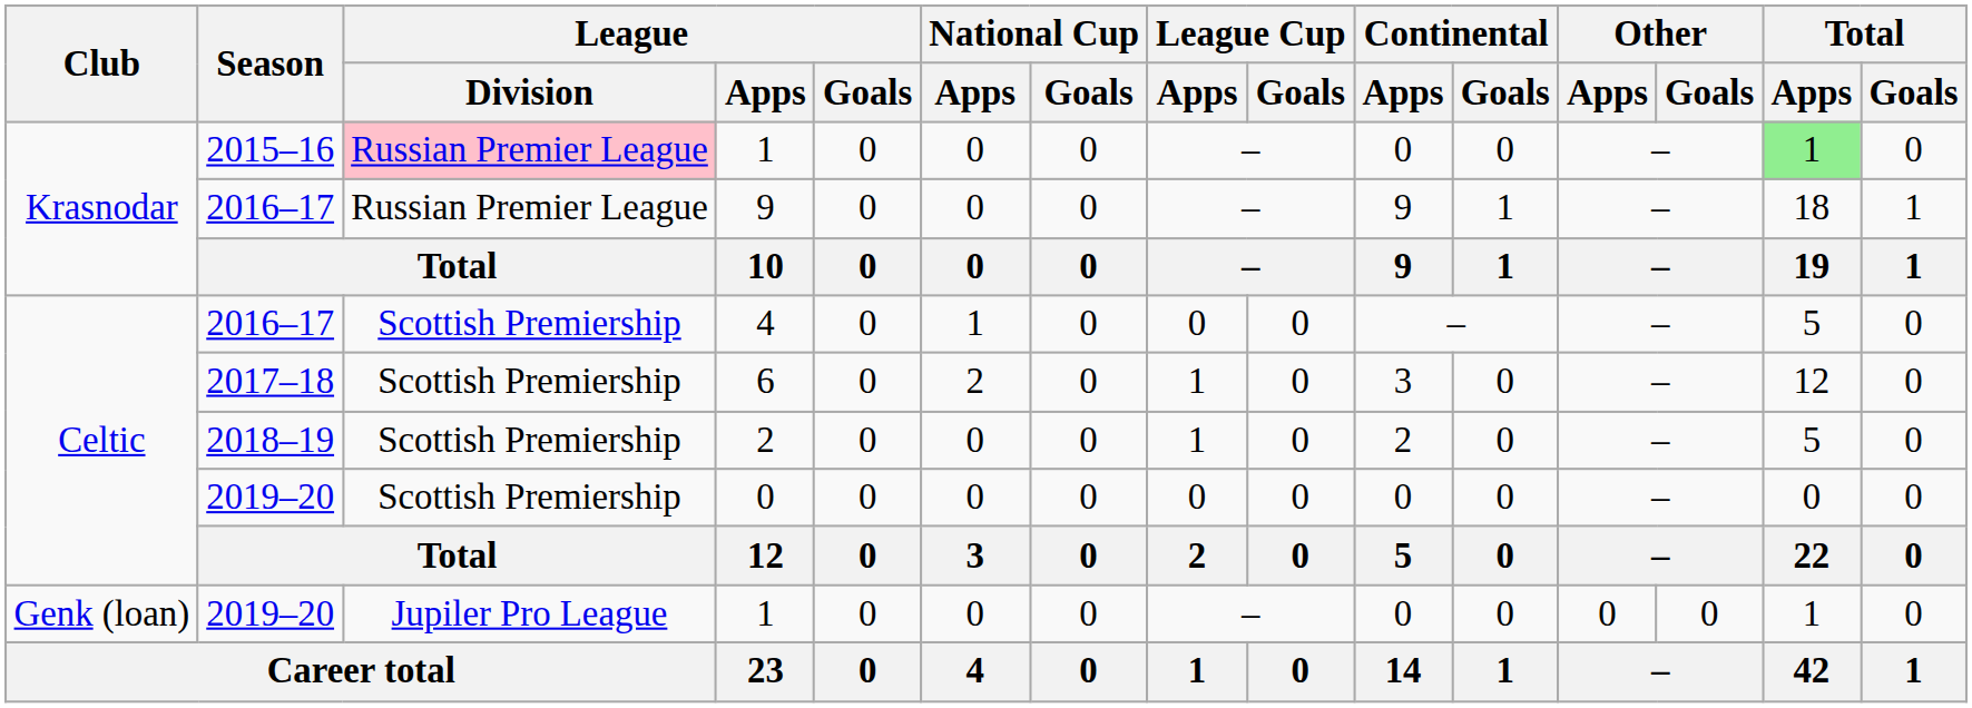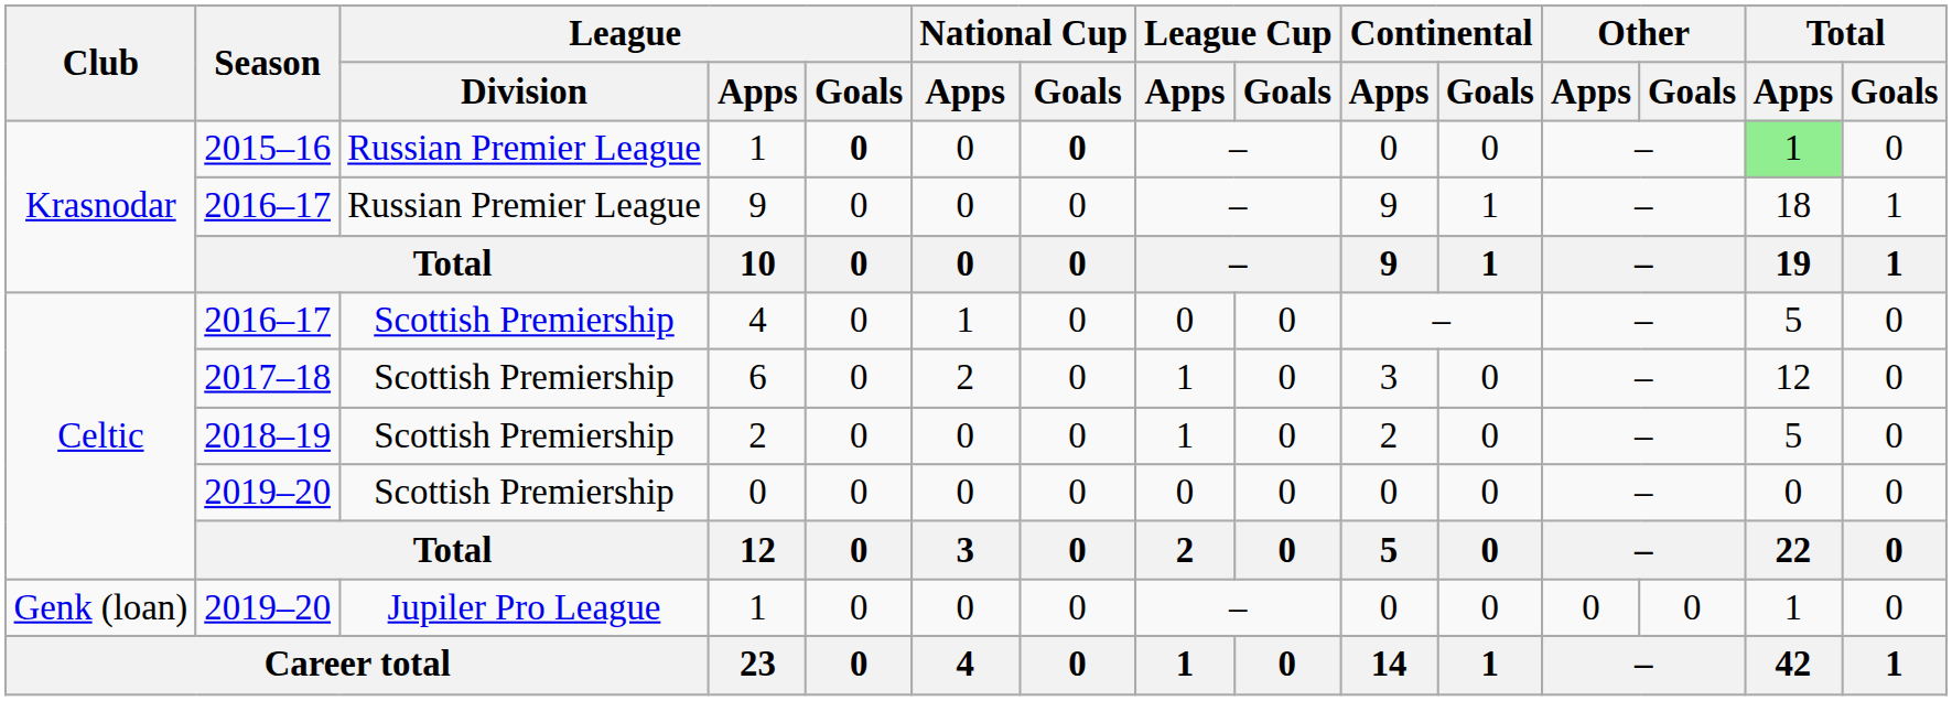 <table class="wikitable" style="text-align:center">
 <tr>
 <th rowspan="2">Club</th>
 <th rowspan="2">Season</th>
 <th colspan="3">League</th>
 <th colspan="2">National Cup</th>
 <th colspan="2">League Cup</th>
 <th colspan="2">Continental</th>
 <th colspan="2">Other</th>
 <th colspan="2">Total</th>
 </tr>
 <tr>
 <th>Division</th>
 <th>Apps</th>
 <th>Goals</th>
 <th>Apps</th>
 <th>Goals</th>
 <th>Apps</th>
 <th>Goals</th>
 <th>Apps</th>
 <th>Goals</th>
 <th>Apps</th>
 <th>Goals</th>
 <th>Apps</th>
 <th>Goals</th>
 </tr>
 <tr>
 <td rowspan="3"><a href='#'>Krasnodar</a></td>
 <td><a href='#'>2015–16</a></td>
-<td style="background: pink;"><a href='#'>Russian Premier League</a></td>
+<td><a href='#'>Russian Premier League</a></td>
 <td>1</td>
+<td><strong>0</strong></td>
 <td>0</td>
-<td>0</td>
-<td>0</td>
+<td><strong>0</strong></td>
 <td colspan="2">–</td>
 <td>0</td>
 <td>0</td>
 <td colspan="2">–</td>
 <td style="background: lightgreen;">1</td>
 <td>0</td>
 </tr>
 <tr>
 <td><a href='#'>2016–17</a></td>
 <td>Russian Premier League</td>
 <td>9</td>
 <td>0</td>
 <td>0</td>
 <td>0</td>
 <td colspan="2">–</td>
 <td>9</td>
 <td>1</td>
 <td colspan="2">–</td>
 <td>18</td>
 <td>1</td>
 </tr>
 <tr>
 <th colspan="2">Total</th>
 <th>10</th>
 <th>0</th>
 <th>0</th>
 <th>0</th>
 <th colspan="2">–</th>
 <th>9</th>
 <th>1</th>
 <th colspan="2">–</th>
 <th>19</th>
 <th>1</th>
 </tr>
 <tr>
 <td rowspan="5"><a href='#'>Celtic</a></td>
 <td><a href='#'>2016–17</a></td>
 <td><a href='#'>Scottish Premiership</a></td>
 <td>4</td>
 <td>0</td>
 <td>1</td>
 <td>0</td>
 <td>0</td>
 <td>0</td>
 <td colspan="2">–</td>
 <td colspan="2">–</td>
 <td>5</td>
 <td>0</td>
 </tr>
 <tr>
 <td><a href='#'>2017–18</a></td>
 <td>Scottish Premiership</td>
 <td>6</td>
 <td>0</td>
 <td>2</td>
 <td>0</td>
 <td>1</td>
 <td>0</td>
 <td>3</td>
 <td>0</td>
 <td colspan="2">–</td>
 <td>12</td>
 <td>0</td>
 </tr>
 <tr>
 <td><a href='#'>2018–19</a></td>
 <td>Scottish Premiership</td>
 <td>2</td>
 <td>0</td>
 <td>0</td>
 <td>0</td>
 <td>1</td>
 <td>0</td>
 <td>2</td>
 <td>0</td>
 <td colspan="2">–</td>
 <td>5</td>
 <td>0</td>
 </tr>
 <tr>
 <td><a href='#'>2019–20</a></td>
 <td>Scottish Premiership</td>
 <td>0</td>
 <td>0</td>
 <td>0</td>
 <td>0</td>
 <td>0</td>
 <td>0</td>
 <td>0</td>
 <td>0</td>
 <td colspan="2">–</td>
 <td>0</td>
 <td>0</td>
 </tr>
 <tr>
 <th colspan="2">Total</th>
 <th>12</th>
 <th>0</th>
 <th>3</th>
 <th>0</th>
 <th>2</th>
 <th>0</th>
 <th>5</th>
 <th>0</th>
 <th colspan="2">–</th>
 <th>22</th>
 <th>0</th>
 </tr>
 <tr>
 <td><a href='#'>Genk</a> (loan)</td>
 <td><a href='#'>2019–20</a></td>
 <td><a href='#'>Jupiler Pro League</a></td>
 <td>1</td>
 <td>0</td>
 <td>0</td>
 <td>0</td>
 <td colspan="2">–</td>
 <td>0</td>
 <td>0</td>
 <td>0</td>
 <td>0</td>
 <td>1</td>
 <td>0</td>
 </tr>
 <tr>
 <th colspan="3">Career total</th>
 <th>23</th>
 <th>0</th>
 <th>4</th>
 <th>0</th>
 <th>1</th>
 <th>0</th>
 <th>14</th>
 <th>1</th>
 <th colspan="2">–</th>
 <th>42</th>
 <th>1</th>
 </tr>
 </table>
